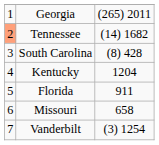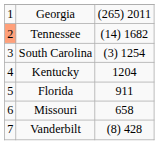 <table class="wikitable" style="display: inline-table;">
 <tr align="center">
 </tr>
 <tr align="center">
 <td>1</td>
 <td>Georgia</td>
 <td>(265) 2011</td>
 </tr>
 <tr align="center">
 <td style="background: lightsalmon;">2</td>
 <td>Tennessee</td>
 <td>(14) 1682</td>
 </tr>
 <tr align="center">
 <td>3</td>
 <td>South Carolina</td>
-<td>(8) 428</td>
+<td>(3) 1254</td>
 </tr>
 <tr align="center">
 <td>4</td>
 <td>Kentucky</td>
 <td>1204</td>
 </tr>
 <tr align="center">
 <td>5</td>
 <td>Florida</td>
 <td>911</td>
 </tr>
 <tr align="center">
 <td>6</td>
 <td>Missouri</td>
 <td>658</td>
 </tr>
 <tr align="center">
 <td>7</td>
 <td>Vanderbilt</td>
-<td>(3) 1254</td>
+<td>(8) 428</td>
 </tr>
 </table>
